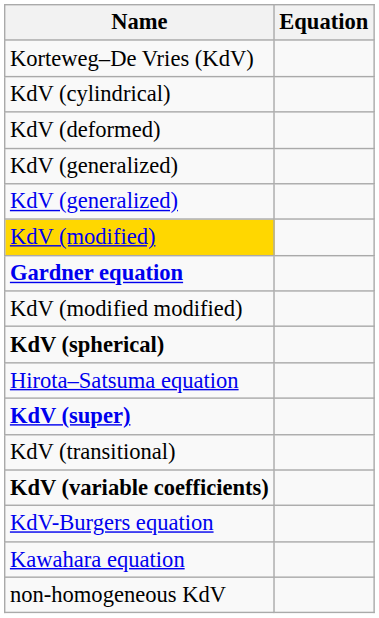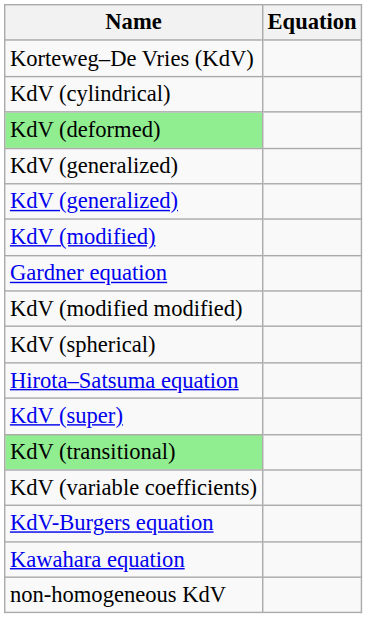 <table class="wikitable">
 <tr>
 <th>Name</th>
 <th>Equation</th>
 </tr>
 <tr>
 <td>Korteweg–De Vries (KdV)</td>
 <td></td>
 </tr>
 <tr>
 <td>KdV (cylindrical)</td>
 <td></td>
 </tr>
 <tr>
-<td>KdV (deformed)</td>
+<td style="background: lightgreen;">KdV (deformed)</td>
 <td></td>
 </tr>
 <tr>
 <td>KdV (generalized)</td>
 <td></td>
 </tr>
 <tr>
 <td><a href='#'>KdV (generalized)</a></td>
 <td></td>
 </tr>
 <tr>
-<td style="background: gold;"><a href='#'>KdV (modified)</a></td>
+<td><a href='#'>KdV (modified)</a></td>
 <td></td>
 </tr>
 <tr>
-<td><strong><a href='#'>Gardner equation</a></strong></td>
+<td><a href='#'>Gardner equation</a></td>
 <td></td>
 </tr>
 <tr>
 <td>KdV (modified modified)</td>
 <td></td>
 </tr>
 <tr>
-<td><strong>KdV (spherical)</strong></td>
+<td>KdV (spherical)</td>
 <td></td>
 </tr>
 <tr>
 <td><a href='#'>Hirota–Satsuma equation</a></td>
 <td></td>
 </tr>
 <tr>
-<td><strong><a href='#'>KdV (super)</a></strong></td>
+<td><a href='#'>KdV (super)</a></td>
 <td></td>
 </tr>
 <tr>
-<td>KdV (transitional)</td>
+<td style="background: lightgreen;">KdV (transitional)</td>
 <td></td>
 </tr>
 <tr>
-<td><strong>KdV (variable coefficients)</strong></td>
+<td>KdV (variable coefficients)</td>
 <td></td>
 </tr>
 <tr>
 <td><a href='#'>KdV-Burgers equation</a></td>
 <td></td>
 </tr>
 <tr>
 <td><a href='#'>Kawahara equation</a></td>
 <td></td>
 </tr>
 <tr>
 <td>non-homogeneous KdV</td>
 <td></td>
 </tr>
 </table>
